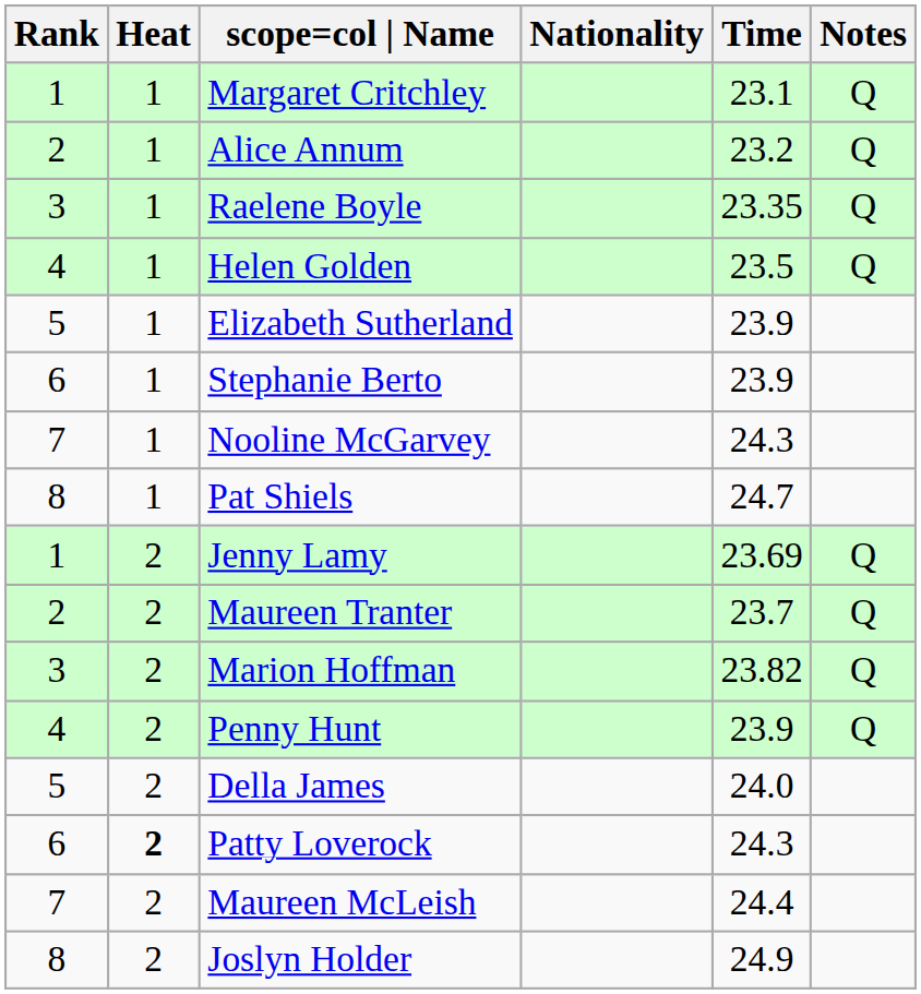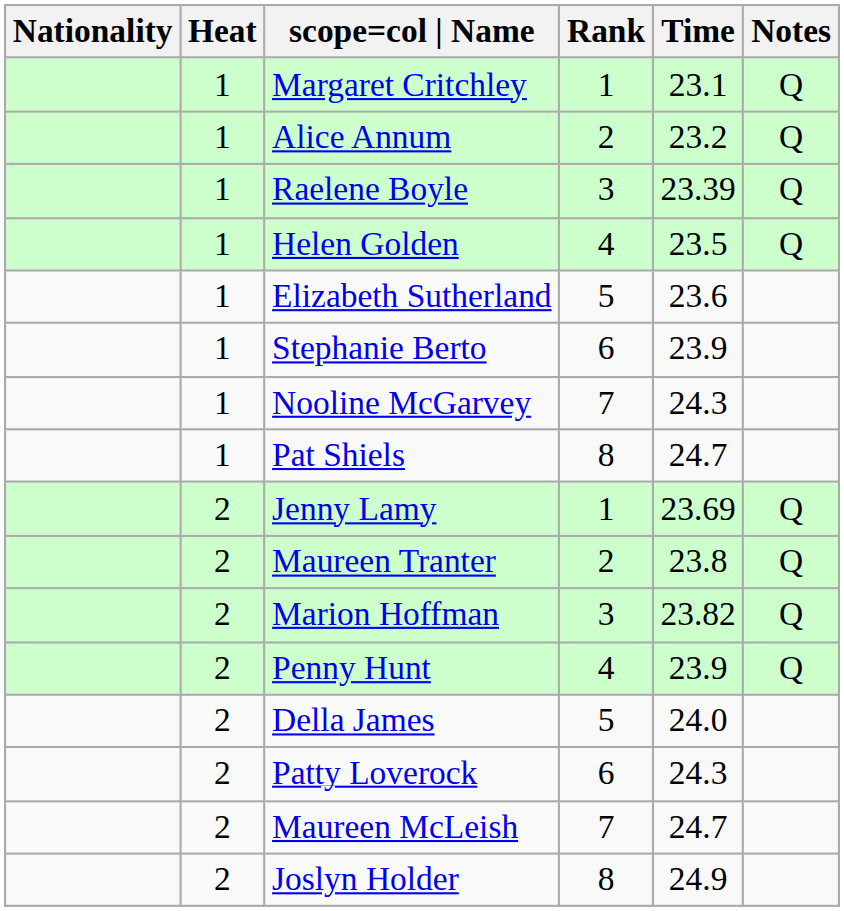 <table class="wikitable sortable" style="text-align:center;">
 <tr>
-<th scope=col>Rank</th>
+<th scope=col>Nationality</th>
 <th scope=col>Heat</th>
 <th scope=col>scope=col | Name</th>
-<th scope=col>Nationality</th>
+<th scope=col>Rank</th>
 <th scope=col>Time</th>
 <th scope=col>Notes</th>
 </tr>
 <tr style="background-color: #ccffcc;">
-<td>1</td>
+<td style="text-align:left;"></td>
 <td>1</td>
 <td style="text-align:left;"><a href='#'>Margaret Critchley</a></td>
-<td style="text-align:left;"></td>
+<td>1</td>
 <td>23.1</td>
 <td>Q</td>
 </tr>
 <tr style="background-color: #ccffcc;">
-<td>2</td>
+<td style="text-align:left;"></td>
 <td>1</td>
 <td style="text-align:left;"><a href='#'>Alice Annum</a></td>
-<td style="text-align:left;"></td>
+<td>2</td>
 <td>23.2</td>
 <td>Q</td>
 </tr>
 <tr style="background-color: #ccffcc;">
-<td>3</td>
+<td style="text-align:left;"></td>
 <td>1</td>
 <td style="text-align:left;"><a href='#'>Raelene Boyle</a></td>
-<td style="text-align:left;"></td>
-<td>23.35</td>
+<td>3</td>
+<td>23.39</td>
 <td>Q</td>
 </tr>
 <tr style="background-color: #ccffcc;">
-<td>4</td>
+<td style="text-align:left;"></td>
 <td>1</td>
 <td style="text-align:left;"><a href='#'>Helen Golden</a></td>
-<td style="text-align:left;"></td>
+<td>4</td>
 <td>23.5</td>
 <td>Q</td>
 </tr>
 <tr>
-<td>5</td>
+<td style="text-align:left;"></td>
 <td>1</td>
 <td style="text-align:left;"><a href='#'>Elizabeth Sutherland</a></td>
+<td>5</td>
+<td>23.6</td>
+<td></td>
+</tr>
+<tr>
 <td style="text-align:left;"></td>
+<td>1</td>
+<td style="text-align:left;"><a href='#'>Stephanie Berto</a></td>
+<td>6</td>
 <td>23.9</td>
 <td></td>
 </tr>
 <tr>
-<td>6</td>
-<td>1</td>
-<td style="text-align:left;"><a href='#'>Stephanie Berto</a></td>
 <td style="text-align:left;"></td>
-<td>23.9</td>
-<td></td>
-</tr>
-<tr>
-<td>7</td>
 <td>1</td>
 <td style="text-align:left;"><a href='#'>Nooline McGarvey</a></td>
-<td style="text-align:left;"></td>
+<td>7</td>
 <td>24.3</td>
 <td></td>
 </tr>
 <tr>
-<td>8</td>
+<td style="text-align:left;"></td>
 <td>1</td>
 <td style="text-align:left;"><a href='#'>Pat Shiels</a></td>
-<td style="text-align:left;"></td>
+<td>8</td>
 <td>24.7</td>
 <td></td>
 </tr>
 <tr style="background-color: #ccffcc;">
-<td>1</td>
+<td style="text-align:left;"></td>
 <td>2</td>
 <td style="text-align:left;"><a href='#'>Jenny Lamy</a></td>
-<td style="text-align:left;"></td>
+<td>1</td>
 <td>23.69</td>
 <td>Q</td>
 </tr>
 <tr style="background-color: #ccffcc;">
-<td>2</td>
+<td style="text-align:left;"></td>
 <td>2</td>
 <td style="text-align:left;"><a href='#'>Maureen Tranter</a></td>
-<td style="text-align:left;"></td>
-<td>23.7</td>
+<td>2</td>
+<td>23.8</td>
 <td>Q</td>
 </tr>
 <tr style="background-color: #ccffcc;">
-<td>3</td>
+<td style="text-align:left;"></td>
 <td>2</td>
 <td style="text-align:left;"><a href='#'>Marion Hoffman</a></td>
-<td style="text-align:left;"></td>
+<td>3</td>
 <td>23.82</td>
 <td>Q</td>
 </tr>
 <tr style="background-color: #ccffcc;">
-<td>4</td>
+<td style="text-align:left;"></td>
 <td>2</td>
 <td style="text-align:left;"><a href='#'>Penny Hunt</a></td>
-<td style="text-align:left;"></td>
+<td>4</td>
 <td>23.9</td>
 <td>Q</td>
 </tr>
 <tr>
-<td>5</td>
+<td style="text-align:left;"></td>
 <td>2</td>
 <td style="text-align:left;"><a href='#'>Della James</a></td>
-<td style="text-align:left;"></td>
+<td>5</td>
 <td>24.0</td>
 <td></td>
 </tr>
 <tr>
+<td style="text-align:left;"></td>
+<td>2</td>
+<td style="text-align:left;"><a href='#'>Patty Loverock</a></td>
 <td>6</td>
-<td><strong>2</strong></td>
-<td style="text-align:left;"><a href='#'>Patty Loverock</a></td>
-<td style="text-align:left;"></td>
 <td>24.3</td>
 <td></td>
 </tr>
 <tr>
-<td>7</td>
+<td style="text-align:left;"></td>
 <td>2</td>
 <td style="text-align:left;"><a href='#'>Maureen McLeish</a></td>
-<td style="text-align:left;"></td>
-<td>24.4</td>
+<td>7</td>
+<td>24.7</td>
 <td></td>
 </tr>
 <tr>
-<td>8</td>
+<td style="text-align:left;"></td>
 <td>2</td>
 <td style="text-align:left;"><a href='#'>Joslyn Holder</a></td>
-<td style="text-align:left;"></td>
+<td>8</td>
 <td>24.9</td>
 <td></td>
 </tr>
 </table>
